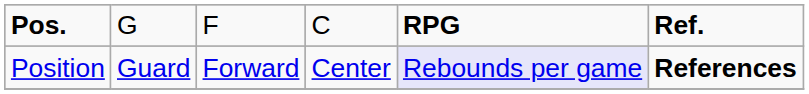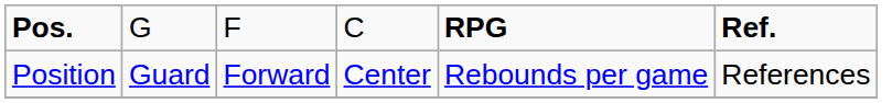 <table class="wikitable">
 <tr>
 <td><strong>Pos.</strong></td>
 <td>G</td>
 <td>F</td>
 <td>C</td>
 <td><strong>RPG</strong></td>
 <td><strong>Ref.</strong></td>
 </tr>
 <tr>
 <td><a href='#'>Position</a></td>
 <td><a href='#'>Guard</a></td>
 <td><a href='#'>Forward</a></td>
 <td><a href='#'>Center</a></td>
-<td style="background: lavender;"><a href='#'>Rebounds per game</a></td>
-<td><strong>References</strong></td>
+<td><a href='#'>Rebounds per game</a></td>
+<td>References</td>
 </tr>
 <tr>
 </tr>
 </table>
